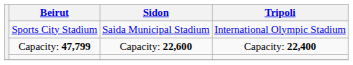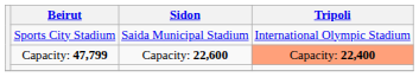 <table class="wikitable" style="text-align:center">
 <tr>
 <th rowspan="4"></th>
 <th><a href='#'>Beirut</a></th>
 <th><a href='#'>Sidon</a></th>
 <th><a href='#'>Tripoli</a></th>
 </tr>
 <tr>
 <td><a href='#'>Sports City Stadium</a></td>
 <td><a href='#'>Saida Municipal Stadium</a></td>
 <td><a href='#'>International Olympic Stadium</a></td>
 </tr>
 <tr>
 <td>Capacity: <strong>47,799</strong></td>
 <td>Capacity: <strong>22,600</strong></td>
-<td>Capacity: <strong>22,400</strong></td>
+<td style="background: lightsalmon;">Capacity: <strong>22,400</strong></td>
 </tr>
 <tr>
 <td></td>
 <td></td>
 <td></td>
 </tr>
 <tr>
 </tr>
 </table>
